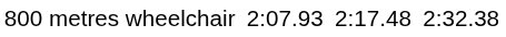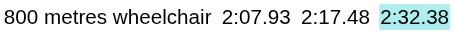 <table>
 <tr>
 </tr>
 <tr>
 <td>800 metres wheelchair</td>
 <td></td>
 <td>2:07.93</td>
 <td></td>
 <td>2:17.48</td>
 <td></td>
-<td>2:32.38</td>
+<td style="background: paleturquoise;">2:32.38</td>
 </tr>
 </table>
